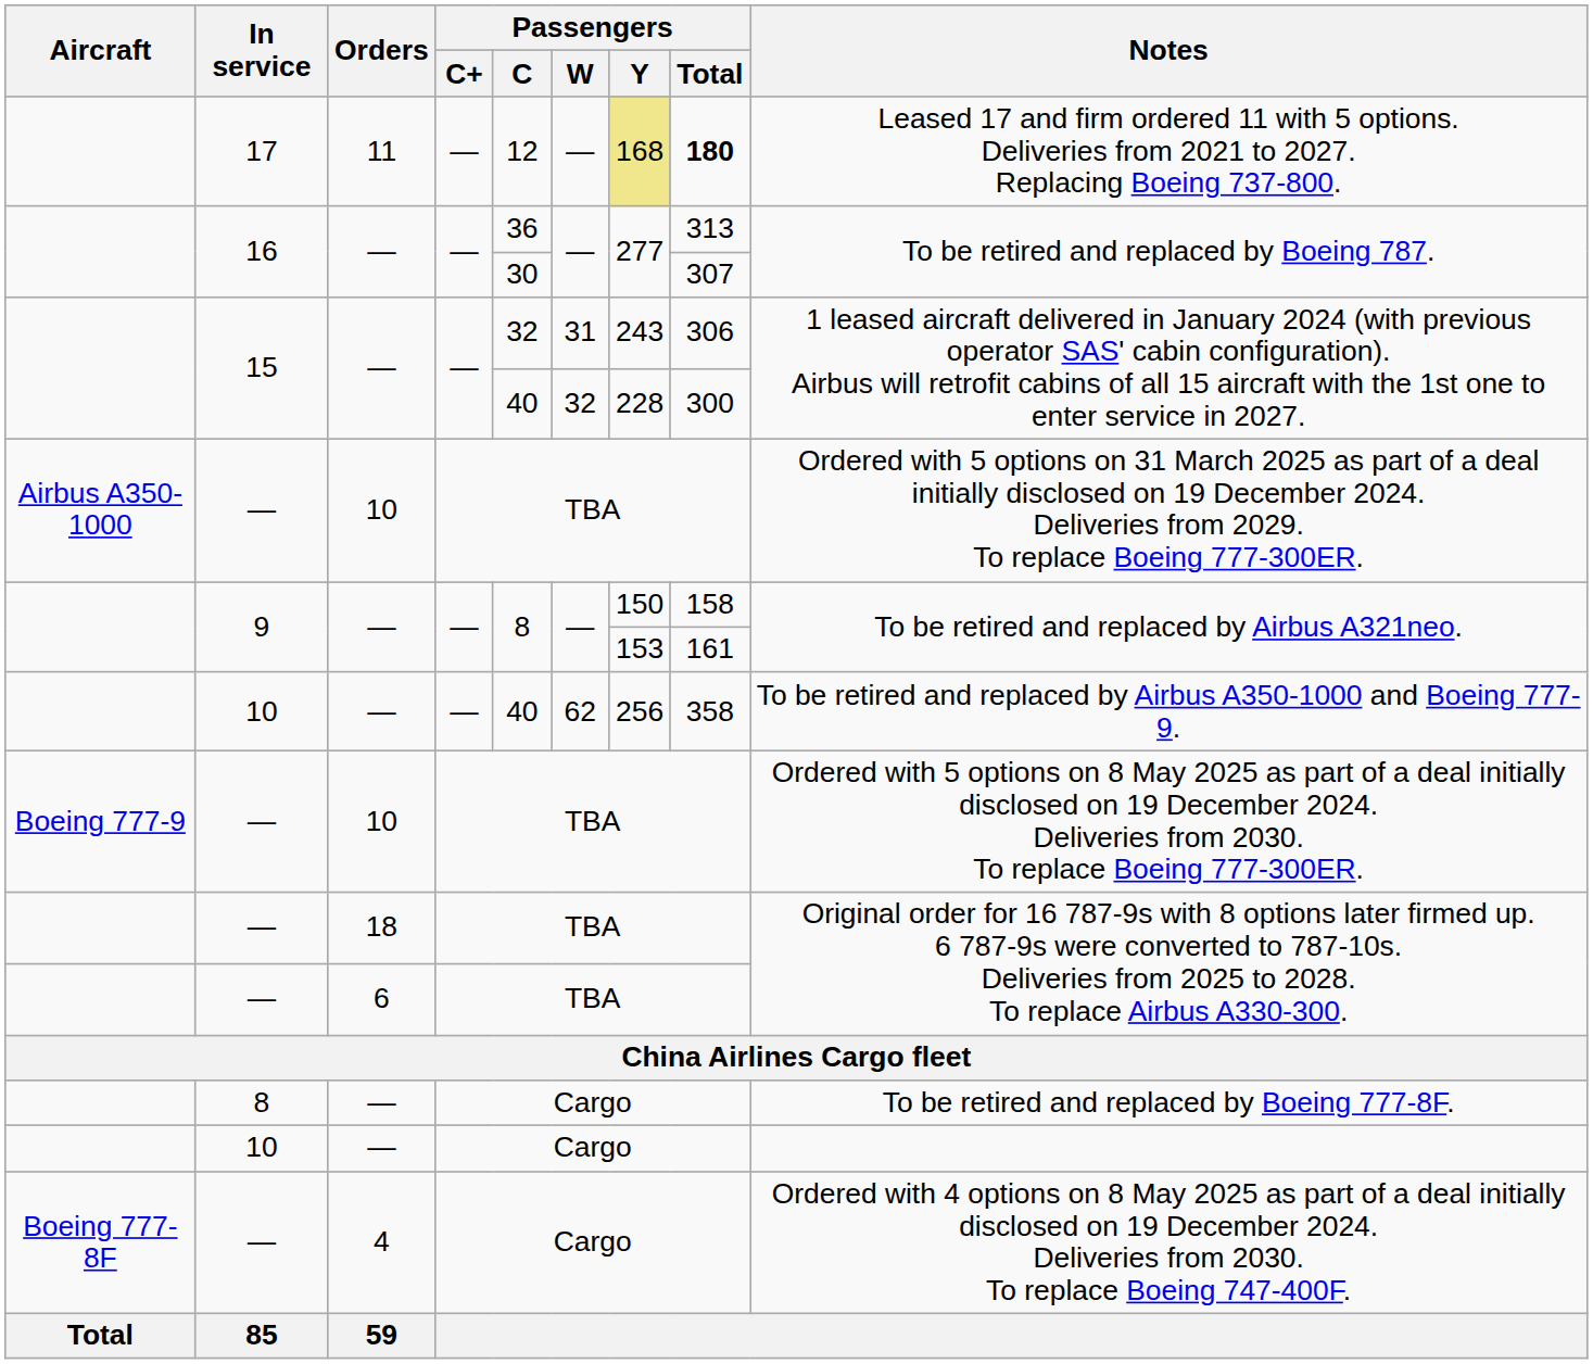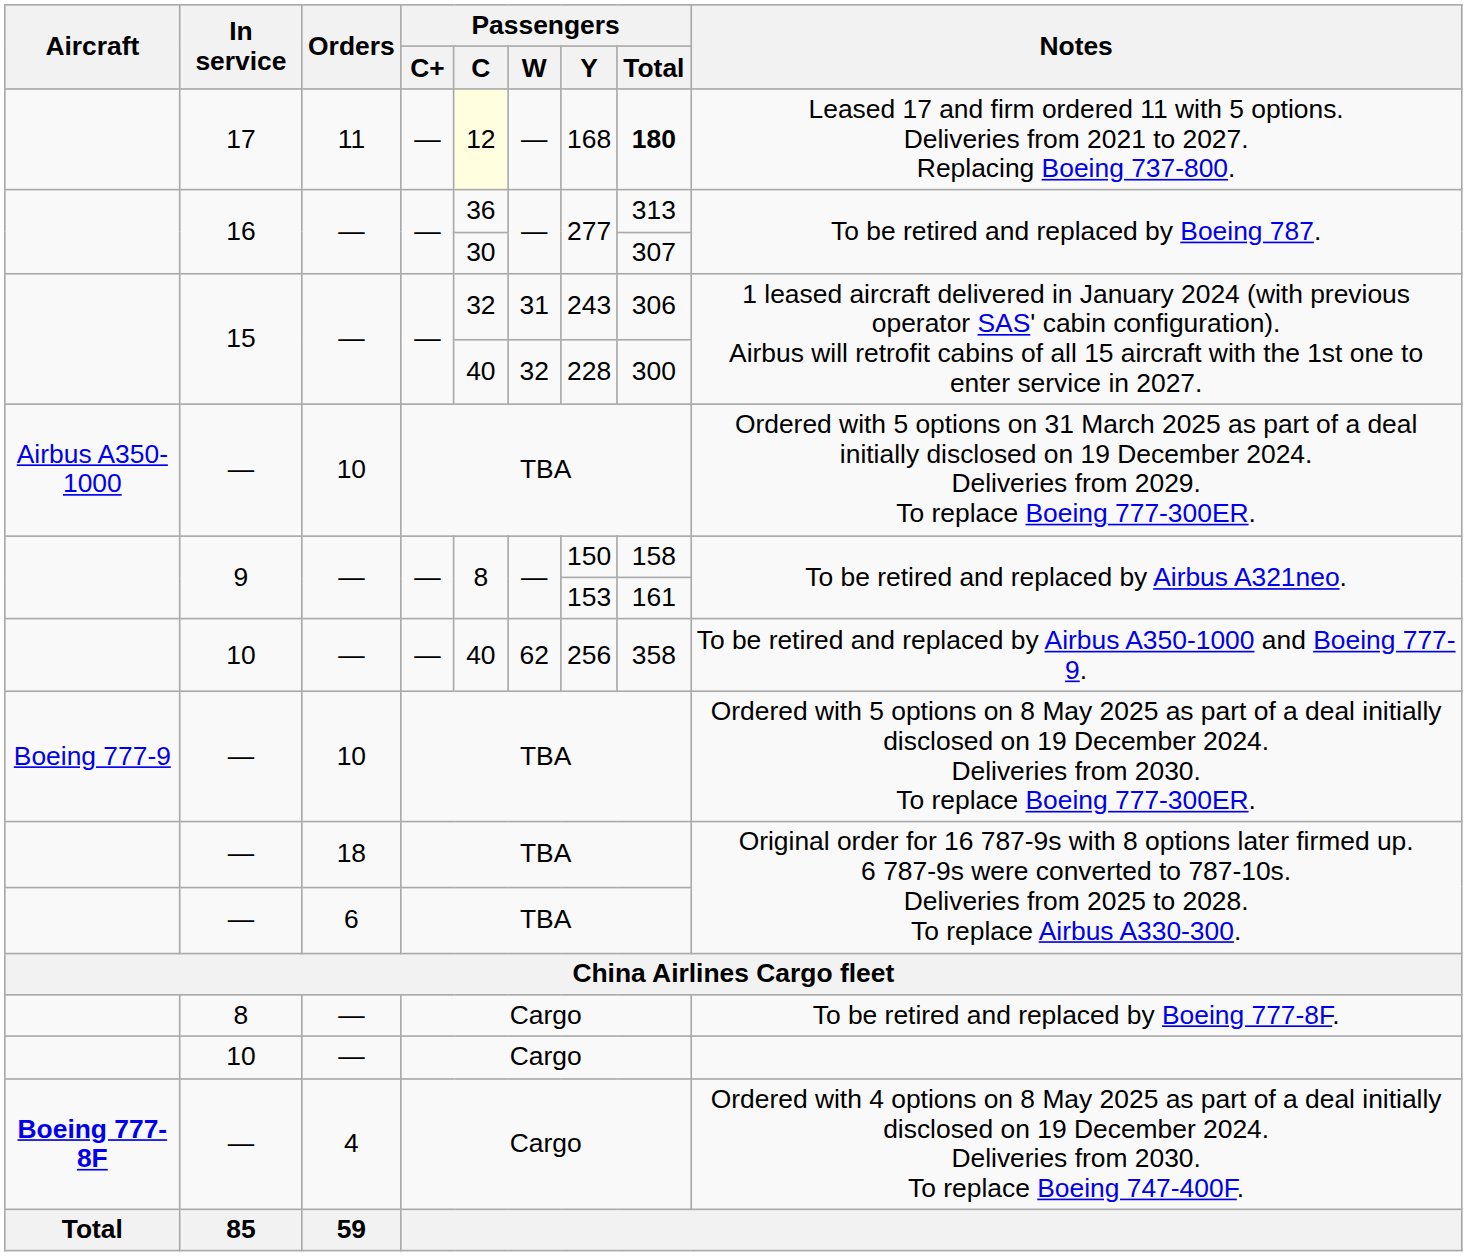 <table class="wikitable" style="border-collapse:collapse;text-align:center; margin: 1em auto;">
 <tr>
 <th rowspan="2">Aircraft</th>
 <th rowspan="2" style="width:50pt;">In service</th>
 <th rowspan="2" style="width:25pt;">Orders</th>
 <th colspan="5">Passengers</th>
 <th rowspan="2">Notes</th>
 </tr>
 <tr>
 <th style="width:25px;"><abbr> C+</abbr></th>
 <th style="width:25px;"><abbr> C</abbr></th>
 <th style="width:25px;"><abbr> W</abbr></th>
 <th style="width:25px;"><abbr> Y</abbr></th>
 <th style="width:30px;">Total</th>
 </tr>
 <tr>
 <td></td>
 <td>17</td>
 <td>11</td>
 <td>—</td>
-<td>12</td>
+<td style="background: lightyellow;">12</td>
 <td>—</td>
-<td style="background: khaki;">168</td>
+<td>168</td>
 <td><strong>180</strong></td>
 <td>Leased 17 and firm ordered 11 with 5 options.<br>Deliveries from 2021 to 2027.<br>Replacing <a href='#'>Boeing 737-800</a>.</td>
 </tr>
 <tr>
 <td rowspan="2"></td>
 <td rowspan="2">16</td>
 <td rowspan="2">—</td>
 <td rowspan="2">—</td>
 <td>36</td>
 <td rowspan="2">—</td>
 <td rowspan="2">277</td>
 <td>313</td>
 <td rowspan="2">To be retired and replaced by <a href='#'>Boeing 787</a>.</td>
 </tr>
 <tr>
 <td>30</td>
 <td>307</td>
 </tr>
 <tr>
 <td rowspan="2"></td>
 <td rowspan="2">15</td>
 <td rowspan="2">—</td>
 <td rowspan="2">—</td>
 <td>32</td>
 <td>31</td>
 <td>243</td>
 <td>306</td>
 <td rowspan="2">1 leased aircraft delivered in January 2024 (with previous operator <a href='#'>SAS</a>' cabin configuration).<br>Airbus will retrofit cabins of all 15 aircraft with the 1st one to enter service in 2027.</td>
 </tr>
 <tr>
 <td>40</td>
 <td>32</td>
 <td>228</td>
 <td>300</td>
 </tr>
 <tr>
 <td><a href='#'>Airbus A350-1000</a></td>
 <td>—</td>
 <td>10</td>
 <td colspan="5"><abbr>TBA</abbr></td>
 <td>Ordered with 5 options on 31 March 2025 as part of a deal initially disclosed on 19 December 2024.<br>Deliveries from 2029.<br>To replace <a href='#'>Boeing 777-300ER</a>.</td>
 </tr>
 <tr>
 <td rowspan="2"></td>
 <td rowspan="2">9</td>
 <td rowspan="2">—</td>
 <td rowspan="2">—</td>
 <td rowspan="2">8</td>
 <td rowspan="2">—</td>
 <td>150</td>
 <td>158</td>
 <td rowspan="2">To be retired and replaced by <a href='#'>Airbus A321neo</a>.</td>
 </tr>
 <tr>
 <td>153</td>
 <td>161</td>
 </tr>
 <tr>
 <td></td>
 <td>10</td>
 <td>—</td>
 <td>—</td>
 <td>40</td>
 <td>62</td>
 <td>256</td>
 <td>358</td>
 <td>To be retired and replaced by <a href='#'>Airbus A350-1000</a> and <a href='#'>Boeing 777-9</a>.</td>
 </tr>
 <tr>
 <td><a href='#'>Boeing 777-9</a></td>
 <td>—</td>
 <td>10</td>
 <td colspan="5"><abbr>TBA</abbr></td>
 <td>Ordered with 5 options on 8 May 2025 as part of a deal initially disclosed on 19 December 2024.<br>Deliveries from 2030.<br>To replace <a href='#'>Boeing 777-300ER</a>.</td>
 </tr>
 <tr>
 <td></td>
 <td>—</td>
 <td>18</td>
 <td colspan="5"><abbr>TBA</abbr></td>
 <td rowspan="2">Original order for 16 787-9s with 8 options later firmed up.<br>6 787-9s were converted to 787-10s.<br>Deliveries from 2025 to 2028.<br>To replace <a href='#'>Airbus A330-300</a>.</td>
 </tr>
 <tr>
 <td></td>
 <td>—</td>
 <td>6</td>
 <td colspan="5"><abbr>TBA</abbr></td>
 </tr>
 <tr>
 <th colspan="9">China Airlines Cargo fleet</th>
 </tr>
 <tr>
 <td></td>
 <td>8</td>
 <td>—</td>
 <td colspan="5"><abbr>Cargo</abbr></td>
 <td>To be retired and replaced by <a href='#'>Boeing 777-8F</a>.</td>
 </tr>
 <tr>
 <td></td>
 <td>10</td>
 <td>—</td>
 <td colspan="5"><abbr>Cargo</abbr></td>
 <td></td>
 </tr>
 <tr>
-<td><a href='#'>Boeing 777-8F</a></td>
+<td><strong><a href='#'>Boeing 777-8F</a></strong></td>
 <td>—</td>
 <td>4</td>
 <td colspan="5"><abbr>Cargo</abbr></td>
 <td>Ordered with 4 options on 8 May 2025 as part of a deal initially disclosed on 19 December 2024.<br>Deliveries from 2030.<br>To replace <a href='#'>Boeing 747-400F</a>.</td>
 </tr>
 <tr>
 <th>Total</th>
 <th>85</th>
 <th>59</th>
 <th colspan="6"></th>
 </tr>
 </table>
